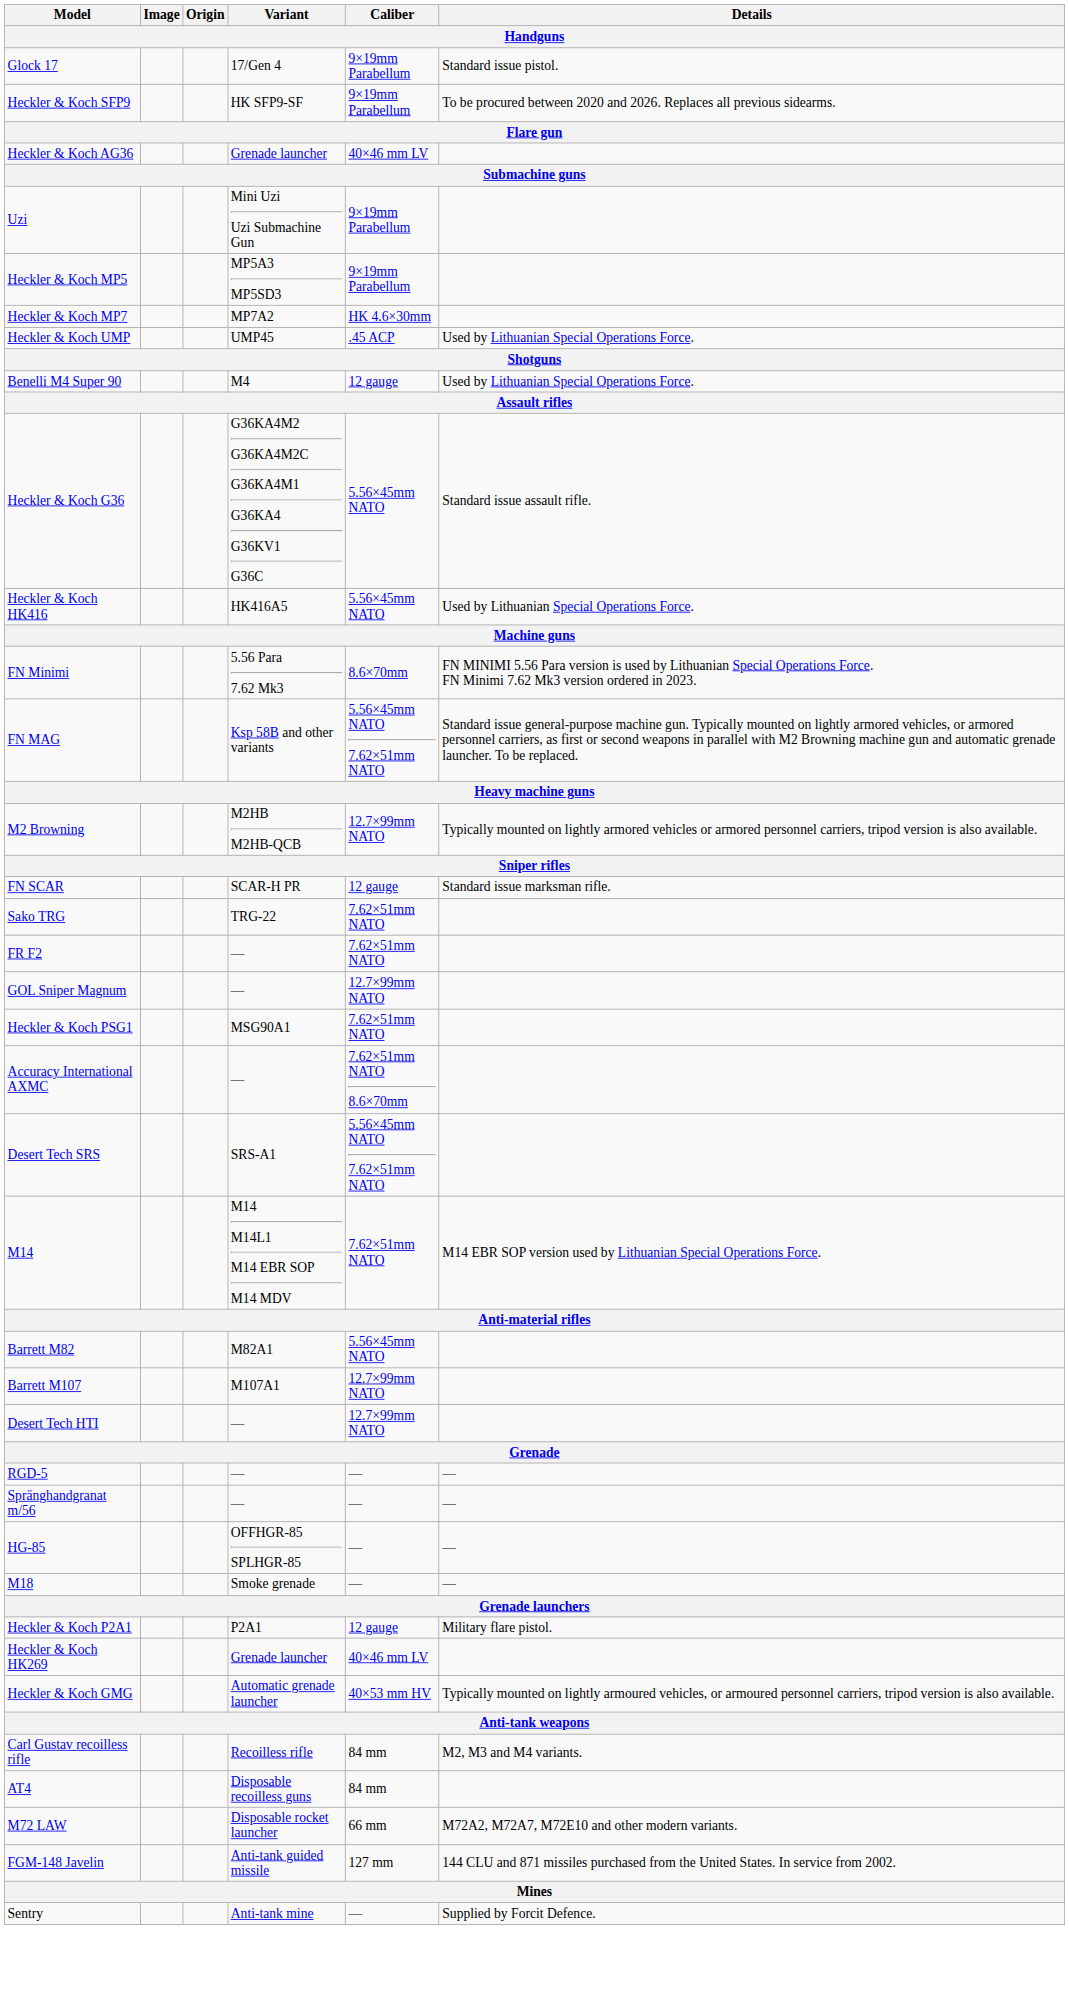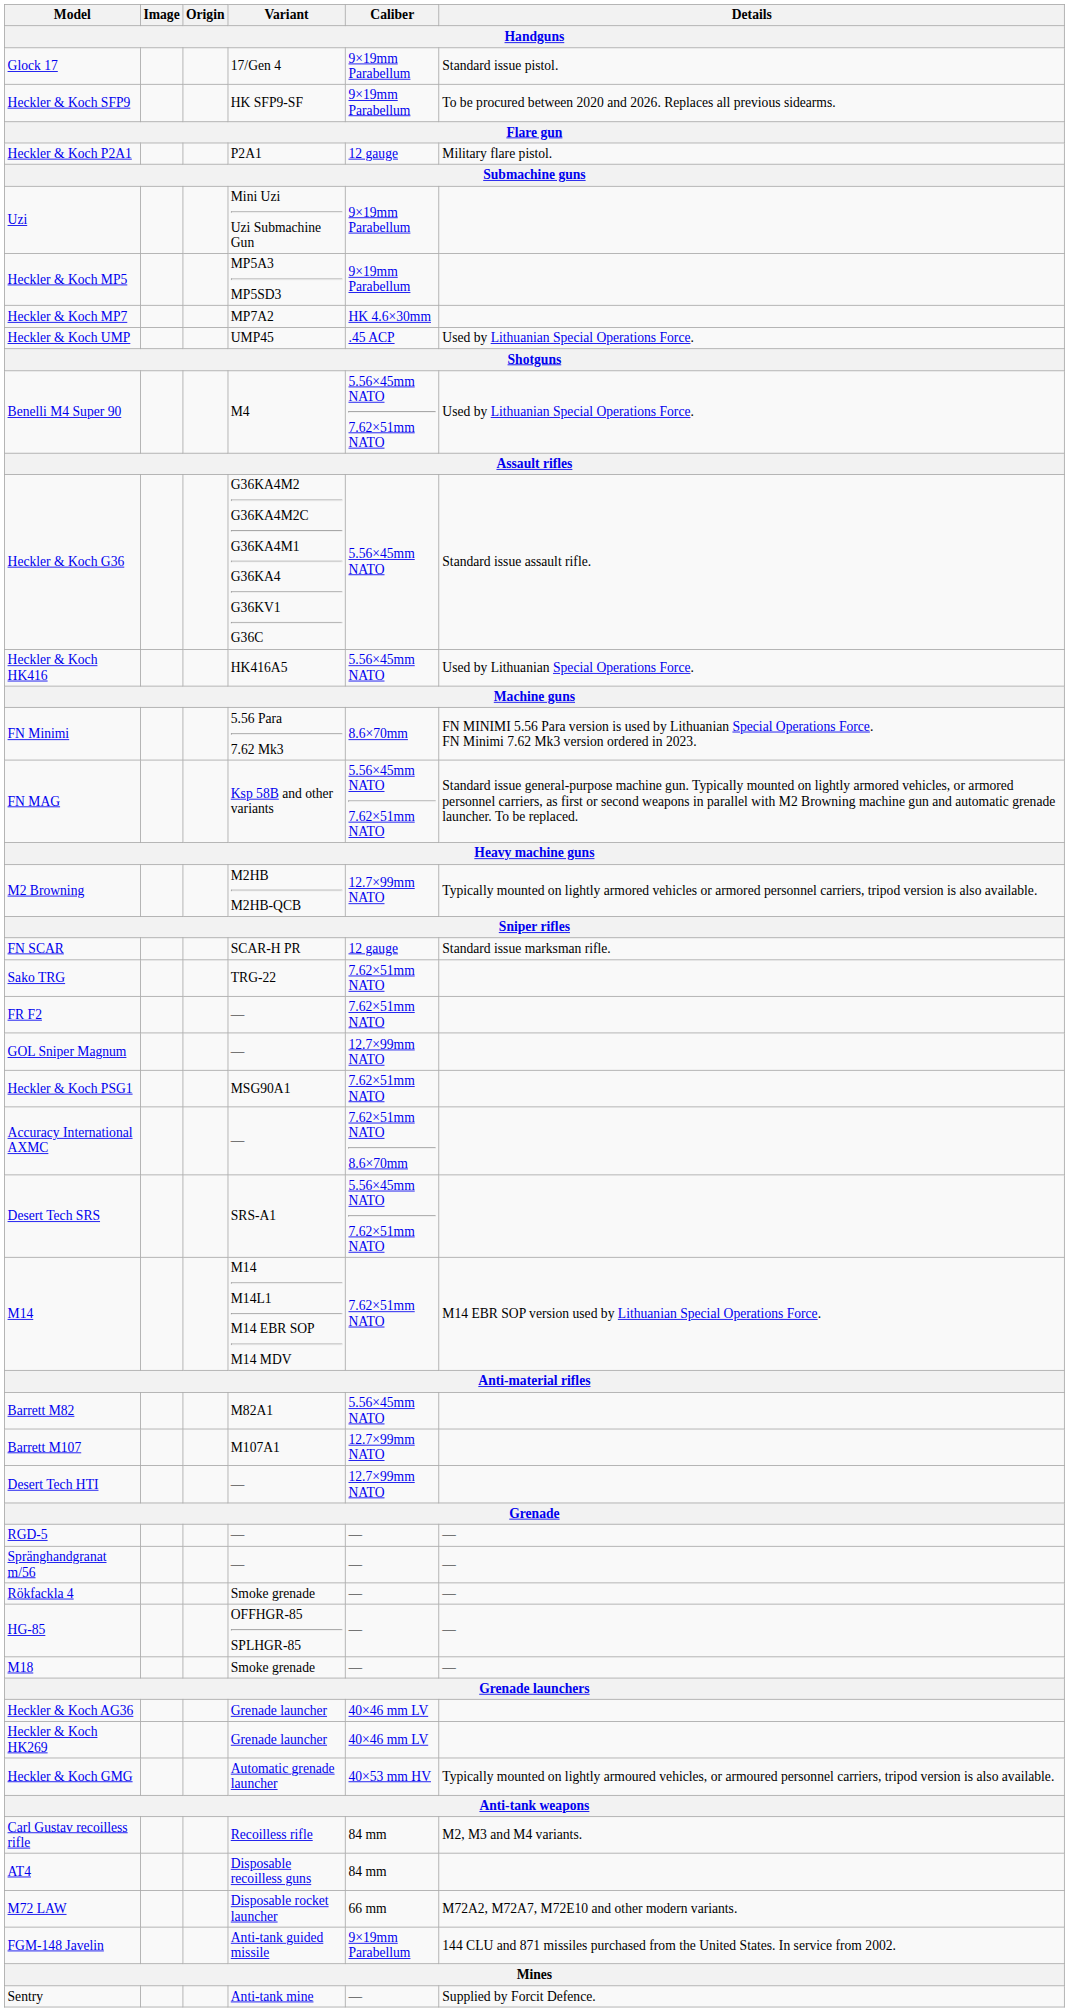 <table class="wikitable col4center col5center">
 <tr>
 <th>Model</th>
 <th>Image</th>
 <th>Origin</th>
 <th>Variant</th>
 <th>Caliber</th>
 <th>Details</th>
 </tr>
 <tr>
 <th colspan="6"><a href='#'>Handguns</a></th>
 </tr>
 <tr>
 <td><a href='#'>Glock 17</a></td>
 <td></td>
 <td></td>
 <td>17/Gen 4</td>
 <td><a href='#'>9×19mm Parabellum</a></td>
 <td>Standard issue pistol.</td>
 </tr>
 <tr>
 <td><a href='#'>Heckler & Koch SFP9</a></td>
 <td></td>
 <td></td>
 <td>HK SFP9-SF</td>
 <td><a href='#'>9×19mm Parabellum</a></td>
 <td>To be procured between 2020 and 2026. Replaces all previous sidearms.</td>
 </tr>
 <tr>
 <th colspan="6"><a href='#'>Flare gun</a></th>
 </tr>
 <tr>
-<td><a href='#'>Heckler & Koch AG36</a></td>
+<td><a href='#'>Heckler & Koch P2A1</a></td>
 <td></td>
 <td></td>
-<td><a href='#'>Grenade launcher</a></td>
-<td><a href='#'>40×46 mm LV</a></td>
-<td></td>
+<td>P2A1</td>
+<td><a href='#'>12 gauge</a></td>
+<td>Military flare pistol.</td>
 </tr>
 <tr>
 <th colspan="6"><a href='#'>Submachine guns</a></th>
 </tr>
 <tr>
 <td><a href='#'>Uzi</a></td>
 <td></td>
 <td></td>
 <td>Mini Uzi <hr> Uzi Submachine Gun</td>
 <td><a href='#'>9×19mm Parabellum</a></td>
 <td></td>
 </tr>
 <tr>
 <td><a href='#'>Heckler & Koch MP5</a></td>
 <td></td>
 <td></td>
 <td>MP5A3 <hr> MP5SD3</td>
 <td><a href='#'>9×19mm Parabellum</a></td>
 <td></td>
 </tr>
 <tr>
 <td><a href='#'>Heckler & Koch MP7</a></td>
 <td></td>
 <td></td>
 <td>MP7A2</td>
 <td><a href='#'>HK 4.6×30mm</a></td>
 <td></td>
 </tr>
 <tr>
 <td><a href='#'>Heckler & Koch UMP</a></td>
 <td></td>
 <td></td>
 <td>UMP45</td>
 <td><a href='#'>.45 ACP</a></td>
 <td>Used by <a href='#'>Lithuanian Special Operations Force</a>.</td>
 </tr>
 <tr>
 <th style="align: center;" colspan="6"><a href='#'>Shotguns</a></th>
 </tr>
 <tr>
 <td><a href='#'>Benelli M4 Super 90</a></td>
 <td></td>
 <td></td>
 <td>M4</td>
-<td><a href='#'>12 gauge</a></td>
+<td><a href='#'>5.56×45mm NATO</a><hr><a href='#'>7.62×51mm NATO</a></td>
 <td>Used by <a href='#'>Lithuanian Special Operations Force</a>.</td>
 </tr>
 <tr>
 <th colspan="6"><a href='#'>Assault rifles</a></th>
 </tr>
 <tr>
 <td><a href='#'>Heckler & Koch G36</a></td>
 <td></td>
 <td></td>
 <td>G36KA4M2<hr>G36KA4M2C<hr>G36KA4M1<hr>G36KA4<hr>G36KV1<hr>G36C</td>
 <td><a href='#'>5.56×45mm NATO</a></td>
 <td>Standard issue assault rifle.</td>
 </tr>
 <tr>
 <td><a href='#'>Heckler & Koch HK416</a></td>
 <td></td>
 <td></td>
 <td>HK416A5</td>
 <td><a href='#'>5.56×45mm NATO</a></td>
 <td>Used by Lithuanian <a href='#'>Special Operations Force</a>.</td>
 </tr>
 <tr>
 <th colspan="6"><a href='#'>Machine guns</a></th>
 </tr>
 <tr>
 <td><a href='#'>FN Minimi</a></td>
 <td></td>
 <td></td>
 <td>5.56 Para<hr>7.62 Mk3</td>
 <td><a href='#'>8.6×70mm</a></td>
 <td>FN MINIMI 5.56 Para version is used by Lithuanian <a href='#'>Special Operations Force</a>.<br>FN Minimi 7.62 Mk3 version ordered in 2023.</td>
 </tr>
 <tr>
 <td><a href='#'>FN MAG</a></td>
 <td></td>
 <td><br></td>
 <td><a href='#'>Ksp 58B</a> and other variants</td>
 <td><a href='#'>5.56×45mm NATO</a><hr><a href='#'>7.62×51mm NATO</a></td>
 <td>Standard issue general-purpose machine gun. Typically mounted on lightly armored vehicles, or armored personnel carriers, as first or second weapons in parallel with M2 Browning machine gun and automatic grenade launcher. To be replaced.</td>
 </tr>
 <tr>
 <th colspan="6"><a href='#'>Heavy machine guns</a></th>
 </tr>
 <tr>
 <td><a href='#'>M2 Browning</a></td>
 <td></td>
 <td></td>
 <td>M2HB <hr> M2HB-QCB</td>
 <td><a href='#'>12.7×99mm NATO</a></td>
 <td>Typically mounted on lightly armored vehicles or armored personnel carriers, tripod version is also available.</td>
 </tr>
 <tr>
 <th colspan="6"><a href='#'>Sniper rifles</a></th>
 </tr>
 <tr>
 <td><a href='#'>FN SCAR</a></td>
 <td></td>
 <td></td>
 <td>SCAR-H PR</td>
 <td><a href='#'>12 gauge</a></td>
 <td>Standard issue marksman rifle.</td>
 </tr>
 <tr>
 <td><a href='#'>Sako TRG</a></td>
 <td></td>
 <td></td>
 <td>TRG-22</td>
 <td><a href='#'>7.62×51mm NATO</a></td>
 <td></td>
 </tr>
 <tr>
 <td><a href='#'>FR F2</a></td>
 <td></td>
 <td></td>
 <td>—</td>
 <td><a href='#'>7.62×51mm NATO</a></td>
 <td></td>
 </tr>
 <tr>
 <td><a href='#'>GOL Sniper Magnum</a></td>
 <td></td>
 <td></td>
 <td>—</td>
 <td><a href='#'>12.7×99mm NATO</a></td>
 <td></td>
 </tr>
 <tr>
 <td><a href='#'>Heckler & Koch PSG1</a></td>
 <td></td>
 <td></td>
 <td>MSG90A1</td>
 <td><a href='#'>7.62×51mm NATO</a></td>
 <td></td>
 </tr>
 <tr>
 <td><a href='#'>Accuracy International AXMC</a></td>
 <td></td>
 <td></td>
 <td>—</td>
 <td><a href='#'>7.62×51mm NATO</a><hr><a href='#'>8.6×70mm</a></td>
 <td></td>
 </tr>
 <tr>
 <td><a href='#'>Desert Tech SRS</a></td>
 <td></td>
 <td></td>
 <td>SRS-A1</td>
 <td><a href='#'>5.56×45mm NATO</a><hr><a href='#'>7.62×51mm NATO</a></td>
 <td></td>
 </tr>
 <tr>
 <td><a href='#'>M14</a></td>
 <td></td>
 <td></td>
 <td>M14<hr>M14L1<hr>M14 EBR SOP<hr>M14 MDV</td>
 <td><a href='#'>7.62×51mm NATO</a></td>
 <td>M14 EBR SOP version used by <a href='#'>Lithuanian Special Operations Force</a>.</td>
 </tr>
 <tr>
 <th colspan="6"><a href='#'>Anti-material rifles</a></th>
 </tr>
 <tr>
 <td><a href='#'>Barrett M82</a></td>
 <td></td>
 <td></td>
 <td>M82A1</td>
 <td><a href='#'>5.56×45mm NATO</a></td>
 <td></td>
 </tr>
 <tr>
 <td><a href='#'>Barrett M107</a></td>
 <td></td>
 <td></td>
 <td>M107A1</td>
 <td><a href='#'>12.7×99mm NATO</a></td>
 <td></td>
 </tr>
 <tr>
 <td><a href='#'>Desert Tech HTI</a></td>
 <td></td>
 <td></td>
 <td>—</td>
 <td><a href='#'>12.7×99mm NATO</a></td>
 <td></td>
 </tr>
 <tr>
 <th colspan="6"><a href='#'>Grenade</a></th>
 </tr>
 <tr>
 <td><a href='#'>RGD-5</a></td>
 <td></td>
 <td></td>
 <td>—</td>
 <td>—</td>
 <td>—</td>
 </tr>
 <tr>
 <td><a href='#'>Spränghandgranat m/56</a></td>
 <td></td>
 <td></td>
 <td>—</td>
 <td>—</td>
 <td>—</td>
 </tr>
 <tr>
+<td><a href='#'>Rökfackla 4</a></td>
+<td></td>
+<td></td>
+<td>Smoke grenade</td>
+<td>—</td>
+<td>—</td>
+</tr>
+<tr>
 <td><a href='#'>HG-85</a></td>
 <td></td>
 <td></td>
 <td>OFFHGR-85<hr>SPLHGR-85</td>
 <td>—</td>
 <td>—</td>
 </tr>
 <tr>
 <td><a href='#'>M18</a></td>
 <td></td>
 <td></td>
 <td>Smoke grenade</td>
 <td>—</td>
 <td>—</td>
 </tr>
 <tr>
 <th colspan="6"><a href='#'>Grenade launchers</a></th>
 </tr>
 <tr>
-<td><a href='#'>Heckler & Koch P2A1</a></td>
+<td><a href='#'>Heckler & Koch AG36</a></td>
 <td></td>
 <td></td>
-<td>P2A1</td>
-<td><a href='#'>12 gauge</a></td>
-<td>Military flare pistol.</td>
+<td><a href='#'>Grenade launcher</a></td>
+<td><a href='#'>40×46 mm LV</a></td>
+<td></td>
 </tr>
 <tr>
 <td><a href='#'>Heckler & Koch HK269</a></td>
 <td></td>
 <td></td>
 <td><a href='#'>Grenade launcher</a></td>
 <td><a href='#'>40×46 mm LV</a></td>
 <td></td>
 </tr>
 <tr>
 <td><a href='#'>Heckler & Koch GMG</a></td>
 <td></td>
 <td></td>
 <td><a href='#'>Automatic grenade launcher</a></td>
 <td><a href='#'>40×53 mm HV</a></td>
 <td>Typically mounted on lightly armoured vehicles, or armoured personnel carriers, tripod version is also available.</td>
 </tr>
 <tr>
 <th colspan="6"><a href='#'>Anti-tank weapons</a></th>
 </tr>
 <tr>
 <td><a href='#'>Carl Gustav recoilless rifle</a></td>
 <td></td>
 <td></td>
 <td><a href='#'>Recoilless rifle</a></td>
 <td>84 mm</td>
 <td>M2, M3 and M4 variants.</td>
 </tr>
 <tr>
 <td><a href='#'>AT4</a></td>
 <td></td>
 <td></td>
 <td><a href='#'>Disposable recoilless guns</a></td>
 <td>84 mm</td>
 <td></td>
 </tr>
 <tr>
 <td><a href='#'>M72 LAW</a></td>
 <td></td>
 <td></td>
 <td><a href='#'>Disposable rocket launcher</a></td>
 <td>66 mm</td>
 <td>M72A2, M72A7, M72E10 and other modern variants.</td>
 </tr>
 <tr>
 <td><a href='#'>FGM-148 Javelin</a></td>
 <td></td>
 <td></td>
 <td><a href='#'>Anti-tank guided missile</a></td>
-<td>127 mm</td>
+<td><a href='#'>9×19mm Parabellum</a></td>
 <td>144 CLU and 871 missiles purchased from the United States. In service from 2002.</td>
 </tr>
 <tr>
 <th colspan="6">Mines</th>
 </tr>
 <tr>
 <td>Sentry</td>
 <td></td>
 <td></td>
 <td><a href='#'>Anti-tank mine</a></td>
 <td>—</td>
 <td>Supplied by Forcit Defence.</td>
 </tr>
 </table>
